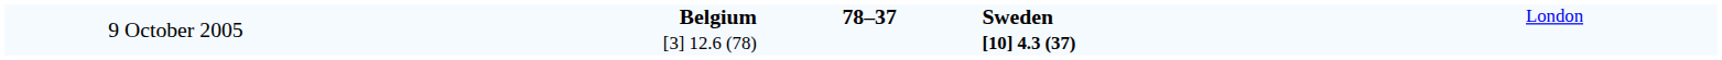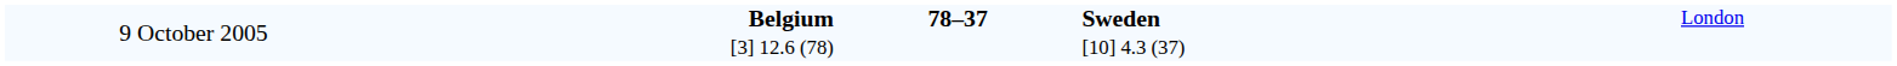 <table style="width: 100%; background:#F5FAFF;" cellspacing="0">
 <tr>
 <td align=center rowspan=3 width=20%>9 October 2005</td>
 </tr>
 <tr>
 <td width=24% align=right><strong>Belgium</strong></td>
 <td align=center width=13%><strong>78–37</strong></td>
 <td width=24%><strong>Sweden</strong></td>
 <td style=font-size:85% rowspan=3 valign=top align=center><a href='#'>London</a></td>
 </tr>
 <tr style=font-size:85%>
 <td align=right>[3] 12.6 (78)</td>
 <td></td>
-<td><strong>[10] 4.3 (37)</strong></td>
+<td>[10] 4.3 (37)</td>
 </tr>
 </table>
